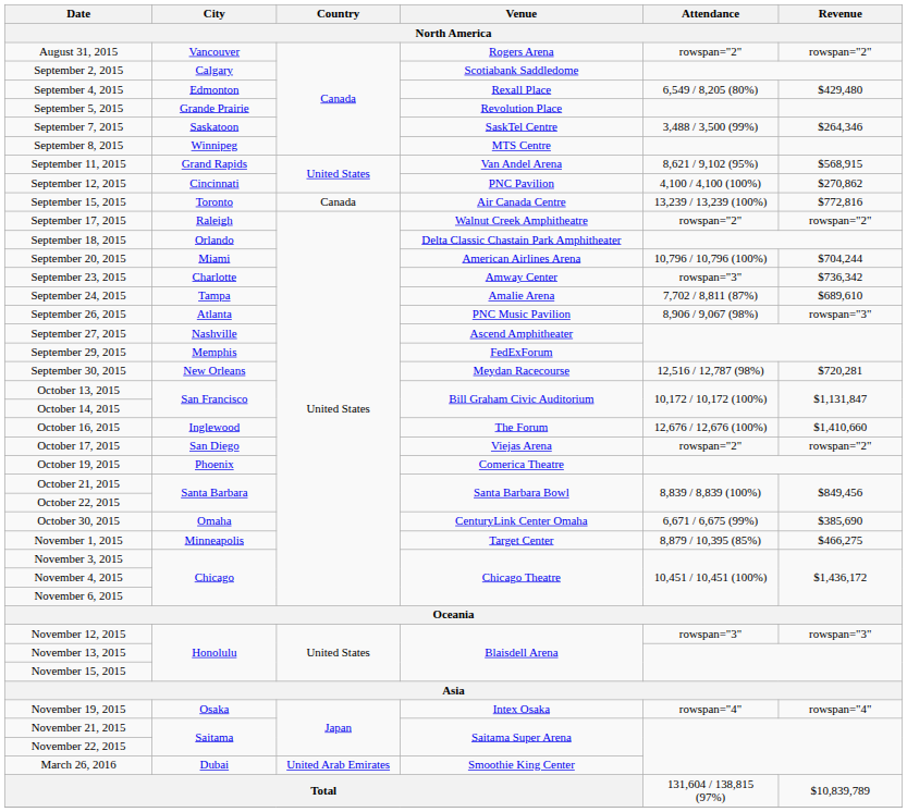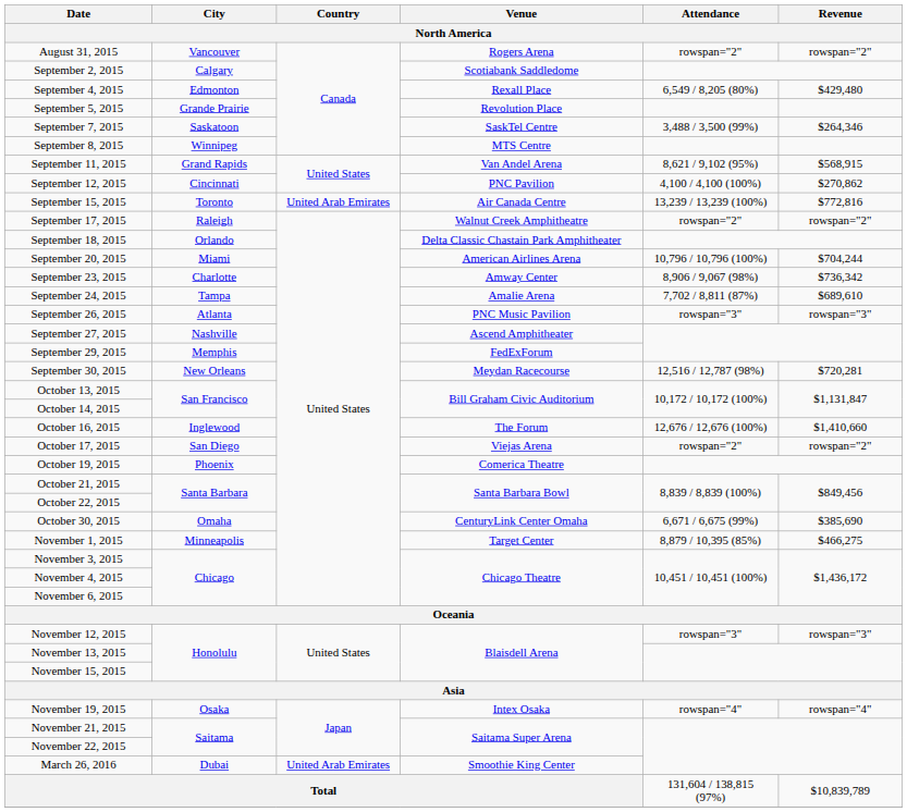 <table class="wikitable" style="text-align:center;">
 <tr>
 <th scope="col" style="width:12em;">Date</th>
 <th scope="col" style="width:10em;">City</th>
 <th scope="col" style="width:10em;">Country</th>
 <th scope="col" style="width:20em;">Venue</th>
 <th scope="col" style="width:11em;">Attendance</th>
 <th scope="col" style="width:10em;">Revenue</th>
 </tr>
 <tr>
 <th colspan="6">North America</th>
 </tr>
 <tr>
 <td>August 31, 2015</td>
 <td><a href='#'>Vancouver</a></td>
 <td rowspan="6"><a href='#'>Canada</a></td>
 <td><a href='#'>Rogers Arena</a></td>
 <td>rowspan="2" </td>
 <td>rowspan="2" </td>
 </tr>
 <tr>
 <td>September 2, 2015</td>
 <td><a href='#'>Calgary</a></td>
 <td><a href='#'>Scotiabank Saddledome</a></td>
 </tr>
 <tr>
 <td>September 4, 2015</td>
 <td><a href='#'>Edmonton</a></td>
 <td><a href='#'>Rexall Place</a></td>
 <td>6,549 / 8,205 (80%)</td>
 <td>$429,480</td>
 </tr>
 <tr>
 <td>September 5, 2015</td>
 <td><a href='#'>Grande Prairie</a></td>
 <td><a href='#'>Revolution Place</a></td>
 <td></td>
 <td></td>
 </tr>
 <tr>
 <td>September 7, 2015</td>
 <td><a href='#'>Saskatoon</a></td>
 <td><a href='#'>SaskTel Centre</a></td>
 <td>3,488 / 3,500 (99%)</td>
 <td>$264,346</td>
 </tr>
 <tr>
 <td>September 8, 2015</td>
 <td><a href='#'>Winnipeg</a></td>
 <td><a href='#'>MTS Centre</a></td>
 <td></td>
 <td></td>
 </tr>
 <tr>
 <td>September 11, 2015</td>
 <td><a href='#'>Grand Rapids</a></td>
 <td rowspan="2"><a href='#'>United States</a></td>
 <td><a href='#'>Van Andel Arena</a></td>
 <td>8,621 / 9,102 (95%)</td>
 <td>$568,915</td>
 </tr>
 <tr>
 <td>September 12, 2015</td>
 <td><a href='#'>Cincinnati</a></td>
 <td><a href='#'>PNC Pavilion</a></td>
 <td>4,100 / 4,100 (100%)</td>
 <td>$270,862</td>
 </tr>
 <tr>
 <td>September 15, 2015</td>
 <td><a href='#'>Toronto</a></td>
-<td>Canada</td>
+<td><a href='#'>United Arab Emirates</a></td>
 <td><a href='#'>Air Canada Centre</a></td>
 <td>13,239 / 13,239 (100%)</td>
 <td>$772,816</td>
 </tr>
 <tr>
 <td>September 17, 2015</td>
 <td><a href='#'>Raleigh</a></td>
 <td rowspan="21">United States</td>
 <td><a href='#'>Walnut Creek Amphitheatre</a></td>
 <td>rowspan="2" </td>
 <td>rowspan="2" </td>
 </tr>
 <tr>
 <td>September 18, 2015</td>
 <td><a href='#'>Orlando</a></td>
 <td><a href='#'>Delta Classic Chastain Park Amphitheater</a></td>
 </tr>
 <tr>
 <td>September 20, 2015</td>
 <td><a href='#'>Miami</a></td>
 <td><a href='#'>American Airlines Arena</a></td>
 <td>10,796 / 10,796 (100%)</td>
 <td>$704,244</td>
 </tr>
 <tr>
 <td>September 23, 2015</td>
 <td><a href='#'>Charlotte</a></td>
 <td><a href='#'>Amway Center</a></td>
-<td>rowspan="3" </td>
+<td>8,906 / 9,067 (98%)</td>
 <td>$736,342</td>
 </tr>
 <tr>
 <td>September 24, 2015</td>
 <td><a href='#'>Tampa</a></td>
 <td><a href='#'>Amalie Arena</a></td>
 <td>7,702 / 8,811 (87%)</td>
 <td>$689,610</td>
 </tr>
 <tr>
 <td>September 26, 2015</td>
 <td><a href='#'>Atlanta</a></td>
 <td><a href='#'>PNC Music Pavilion</a></td>
-<td>8,906 / 9,067 (98%)</td>
+<td>rowspan="3" </td>
 <td>rowspan="3" </td>
 </tr>
 <tr>
 <td>September 27, 2015</td>
 <td><a href='#'>Nashville</a></td>
 <td><a href='#'>Ascend Amphitheater</a></td>
 </tr>
 <tr>
 <td>September 29, 2015</td>
 <td><a href='#'>Memphis</a></td>
 <td><a href='#'>FedExForum</a></td>
 </tr>
 <tr>
 <td>September 30, 2015</td>
 <td><a href='#'>New Orleans</a></td>
 <td><a href='#'>Meydan Racecourse</a></td>
 <td>12,516 / 12,787 (98%)</td>
 <td>$720,281</td>
 </tr>
 <tr>
 <td>October 13, 2015</td>
 <td rowspan="2"><a href='#'>San Francisco</a></td>
 <td rowspan="2"><a href='#'>Bill Graham Civic Auditorium</a></td>
 <td rowspan="2">10,172 / 10,172 (100%)</td>
 <td rowspan="2">$1,131,847</td>
 </tr>
 <tr>
 <td>October 14, 2015</td>
 </tr>
 <tr>
 <td>October 16, 2015</td>
 <td><a href='#'>Inglewood</a></td>
 <td><a href='#'>The Forum</a></td>
 <td>12,676 / 12,676 (100%)</td>
 <td>$1,410,660</td>
 </tr>
 <tr>
 <td>October 17, 2015</td>
 <td><a href='#'>San Diego</a></td>
 <td><a href='#'>Viejas Arena</a></td>
 <td>rowspan="2" </td>
 <td>rowspan="2" </td>
 </tr>
 <tr>
 <td>October 19, 2015</td>
 <td><a href='#'>Phoenix</a></td>
 <td><a href='#'>Comerica Theatre</a></td>
 </tr>
 <tr>
 <td>October 21, 2015</td>
 <td rowspan="2"><a href='#'>Santa Barbara</a></td>
 <td rowspan="2"><a href='#'>Santa Barbara Bowl</a></td>
 <td rowspan="2">8,839 / 8,839 (100%)</td>
 <td rowspan="2">$849,456</td>
 </tr>
 <tr>
 <td>October 22, 2015</td>
 </tr>
 <tr>
 <td>October 30, 2015</td>
 <td><a href='#'>Omaha</a></td>
 <td><a href='#'>CenturyLink Center Omaha</a></td>
 <td>6,671 / 6,675 (99%)</td>
 <td>$385,690</td>
 </tr>
 <tr>
 <td>November 1, 2015</td>
 <td><a href='#'>Minneapolis</a></td>
 <td><a href='#'>Target Center</a></td>
 <td>8,879 / 10,395 (85%)</td>
 <td>$466,275</td>
 </tr>
 <tr>
 <td>November 3, 2015</td>
 <td rowspan="3"><a href='#'>Chicago</a></td>
 <td rowspan="3"><a href='#'>Chicago Theatre</a></td>
 <td rowspan="3">10,451 / 10,451 (100%)</td>
 <td rowspan="3">$1,436,172</td>
 </tr>
 <tr>
 <td>November 4, 2015</td>
 </tr>
 <tr>
 <td>November 6, 2015</td>
 </tr>
 <tr>
 <th colspan="6">Oceania</th>
 </tr>
 <tr>
 <td>November 12, 2015</td>
 <td rowspan="3"><a href='#'>Honolulu</a></td>
 <td rowspan="3">United States</td>
 <td rowspan="3"><a href='#'>Blaisdell Arena</a></td>
 <td>rowspan="3" </td>
 <td>rowspan="3" </td>
 </tr>
 <tr>
 <td>November 13, 2015</td>
 </tr>
 <tr>
 <td>November 15, 2015</td>
 </tr>
 <tr>
 <th colspan="6">Asia</th>
 </tr>
 <tr>
 <td>November 19, 2015</td>
 <td><a href='#'>Osaka</a></td>
 <td rowspan="3"><a href='#'>Japan</a></td>
 <td><a href='#'>Intex Osaka</a></td>
 <td>rowspan="4" </td>
 <td>rowspan="4" </td>
 </tr>
 <tr>
 <td>November 21, 2015</td>
 <td rowspan="2"><a href='#'>Saitama</a></td>
 <td rowspan="2"><a href='#'>Saitama Super Arena</a></td>
 </tr>
 <tr>
 <td>November 22, 2015</td>
 </tr>
 <tr>
 <td>March 26, 2016</td>
 <td><a href='#'>Dubai</a></td>
 <td><a href='#'>United Arab Emirates</a></td>
 <td><a href='#'>Smoothie King Center</a></td>
 </tr>
 <tr>
 <th colspan="4">Total</th>
 <td>131,604 / 138,815<br>(97%)</td>
 <td>$10,839,789</td>
 </tr>
 <tr>
 </tr>
 </table>
